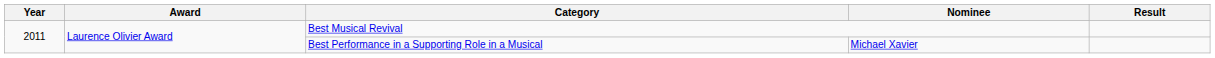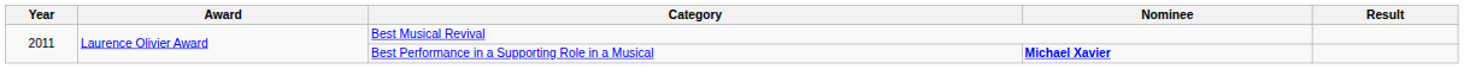 <table class="wikitable" width="95%">
 <tr>
 <th width="5%">Year</th>
 <th width="20%">Award</th>
 <th width="45%">Category</th>
 <th width="20%">Nominee</th>
 <th width="10%">Result</th>
 </tr>
 <tr>
 <td rowspan="2" align="center">2011</td>
 <td rowspan="2"><a href='#'>Laurence Olivier Award</a></td>
 <td colspan="2"><a href='#'>Best Musical Revival</a></td>
 <td></td>
 </tr>
 <tr>
 <td><a href='#'>Best Performance in a Supporting Role in a Musical</a></td>
-<td><a href='#'>Michael Xavier</a></td>
+<td><strong><a href='#'>Michael Xavier</a></strong></td>
 <td></td>
 </tr>
 </table>
